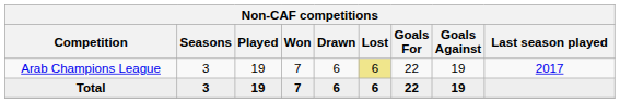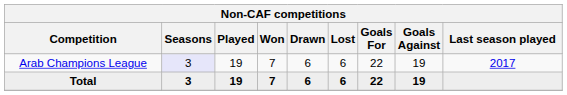 <table class="wikitable" style="font-size:95%; text-align: center;">
 <tr>
 <th colspan="9">Non-CAF competitions</th>
 </tr>
 <tr>
 <th width="200">Competition</th>
 <th width="30">Seasons</th>
 <th width="30">Played</th>
 <th width="30">Won</th>
 <th width="30">Drawn</th>
 <th width="30">Lost</th>
 <th width="30">Goals For</th>
 <th width="30">Goals Against</th>
 <th width="150">Last season played</th>
 </tr>
 <tr>
 <td><a href='#'>Arab Champions League</a></td>
-<td>3</td>
+<td style="background: lavender;">3</td>
 <td>19</td>
 <td>7</td>
 <td>6</td>
-<td style="background: khaki;">6</td>
+<td>6</td>
 <td>22</td>
 <td>19</td>
 <td><a href='#'>2017</a></td>
 </tr>
 <tr bgcolor=#EEEEEE>
 <td><strong>Total</strong></td>
 <td><strong>3</strong></td>
 <td><strong>19</strong></td>
 <td><strong>7</strong></td>
 <td><strong>6</strong></td>
 <td><strong>6</strong></td>
 <td><strong>22</strong></td>
 <td><strong>19</strong></td>
 <td></td>
 </tr>
 <tr>
 </tr>
 </table>
